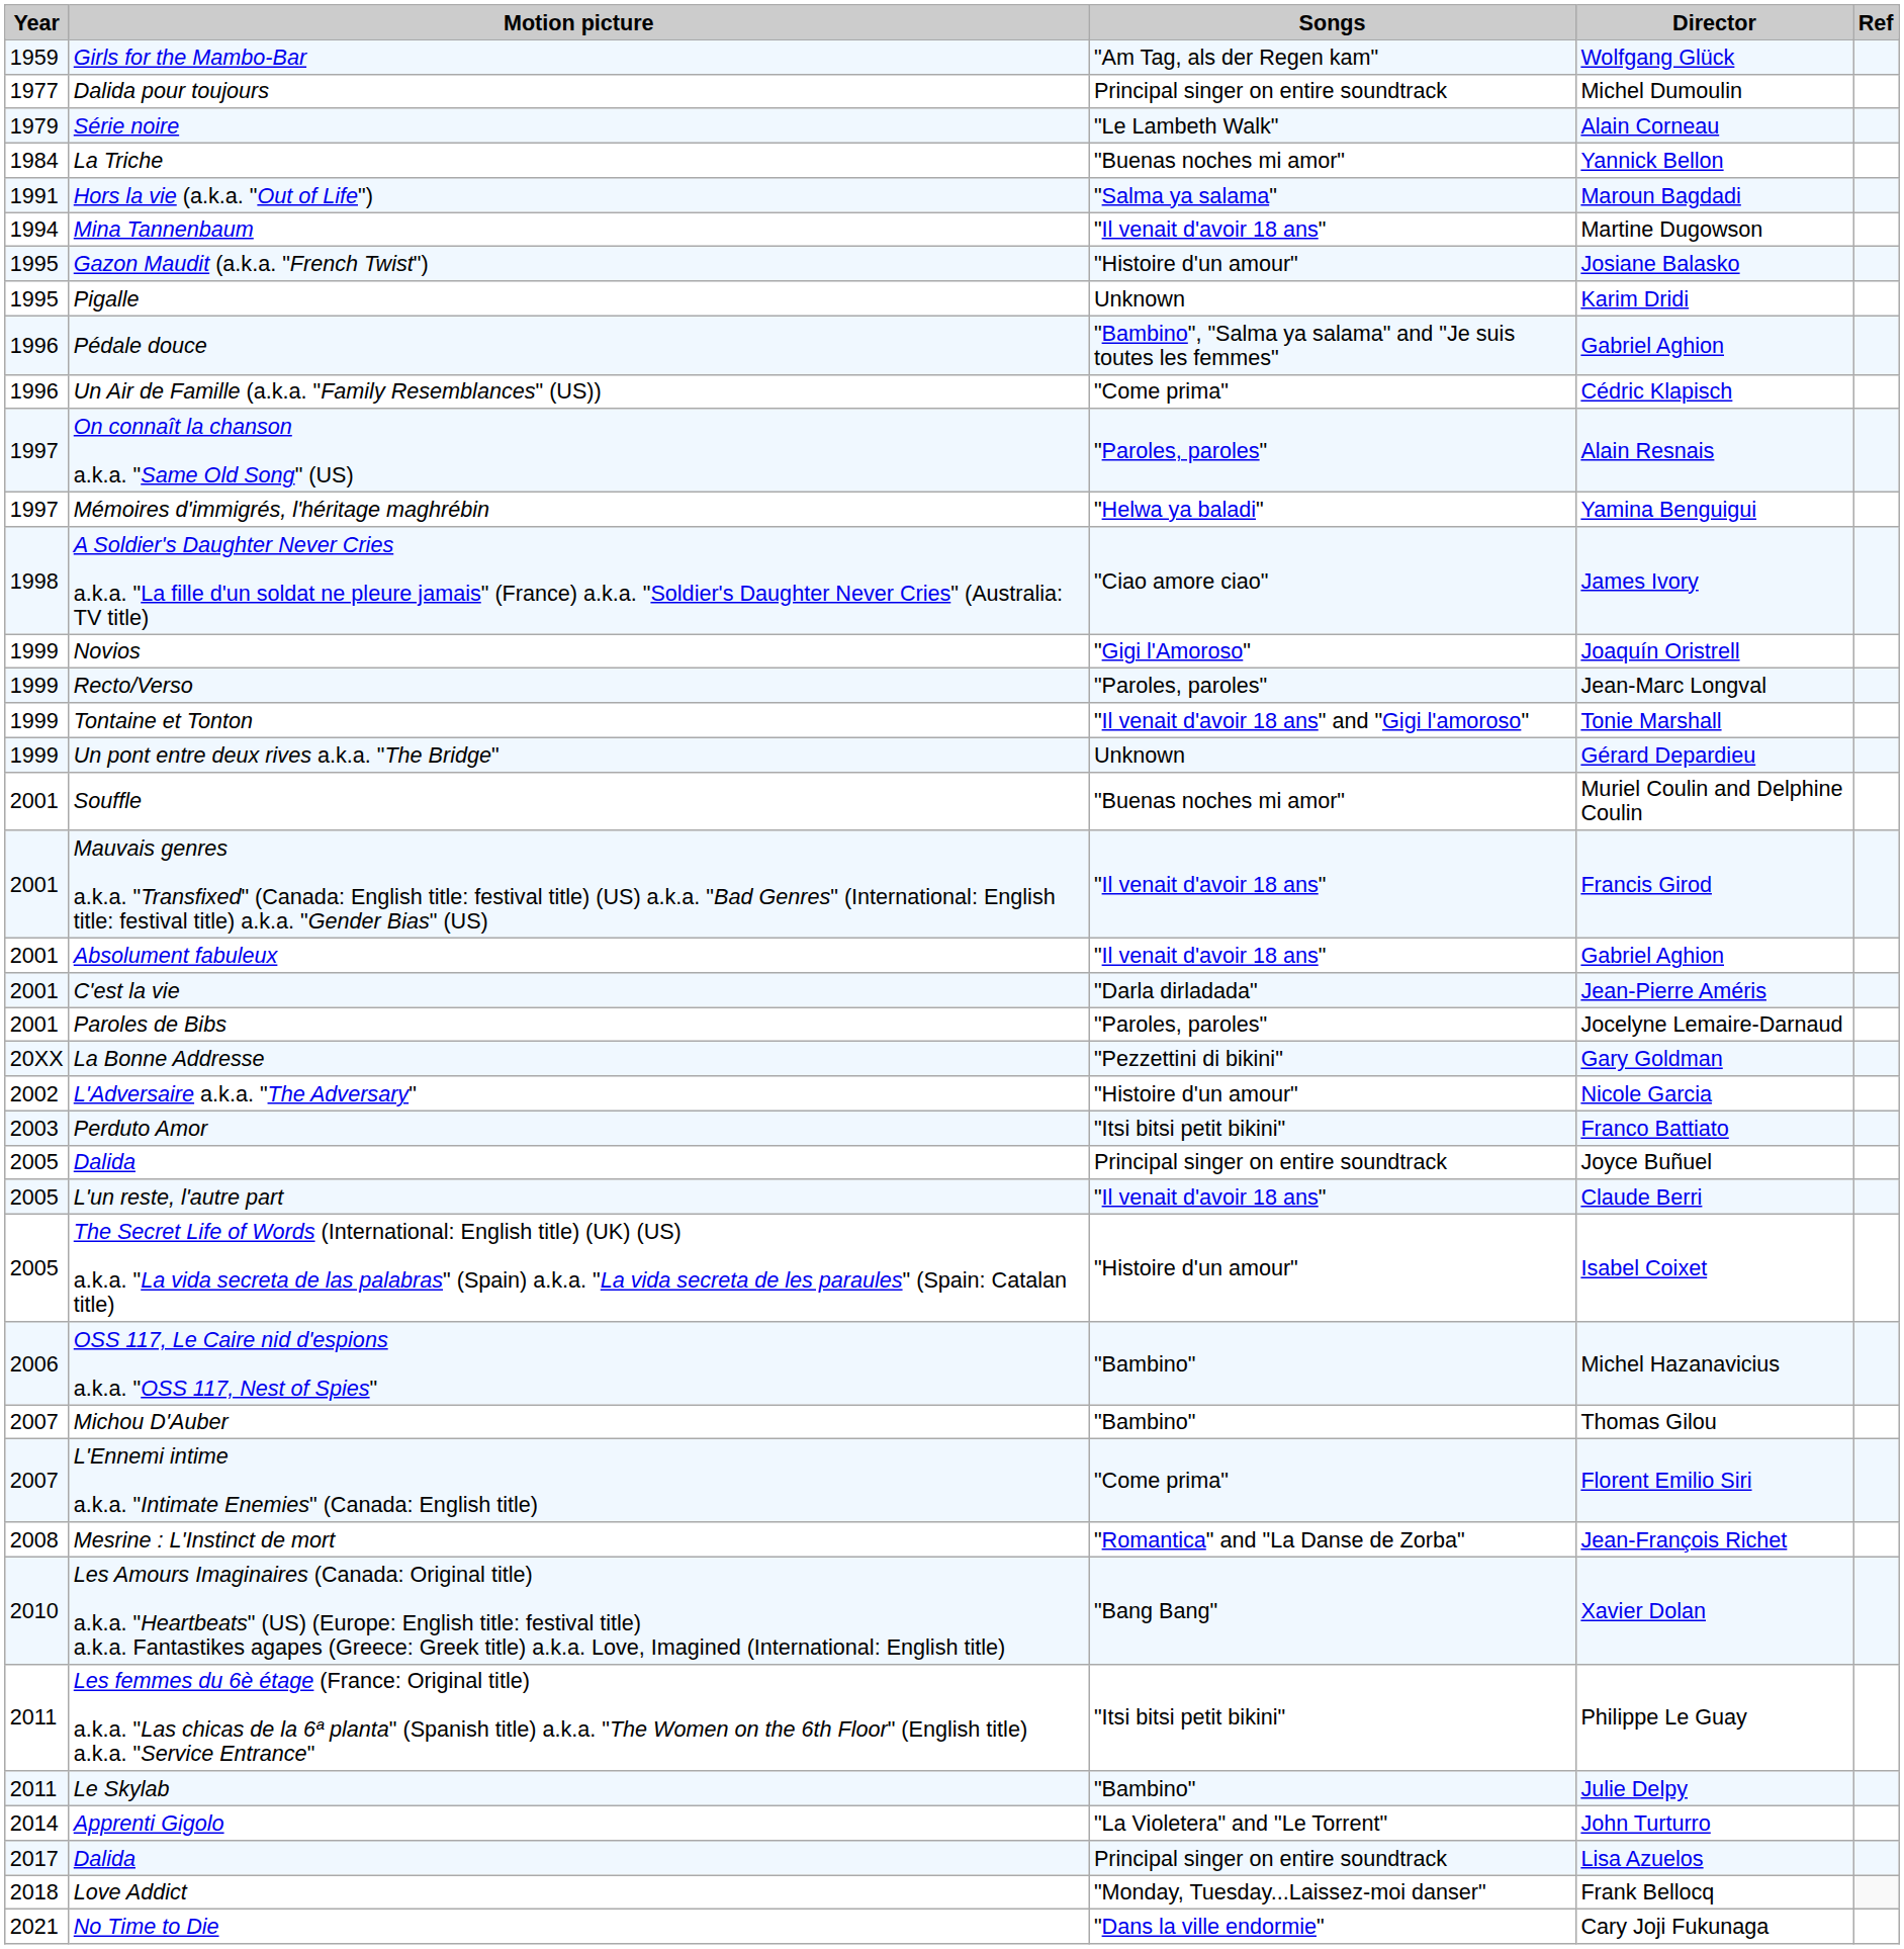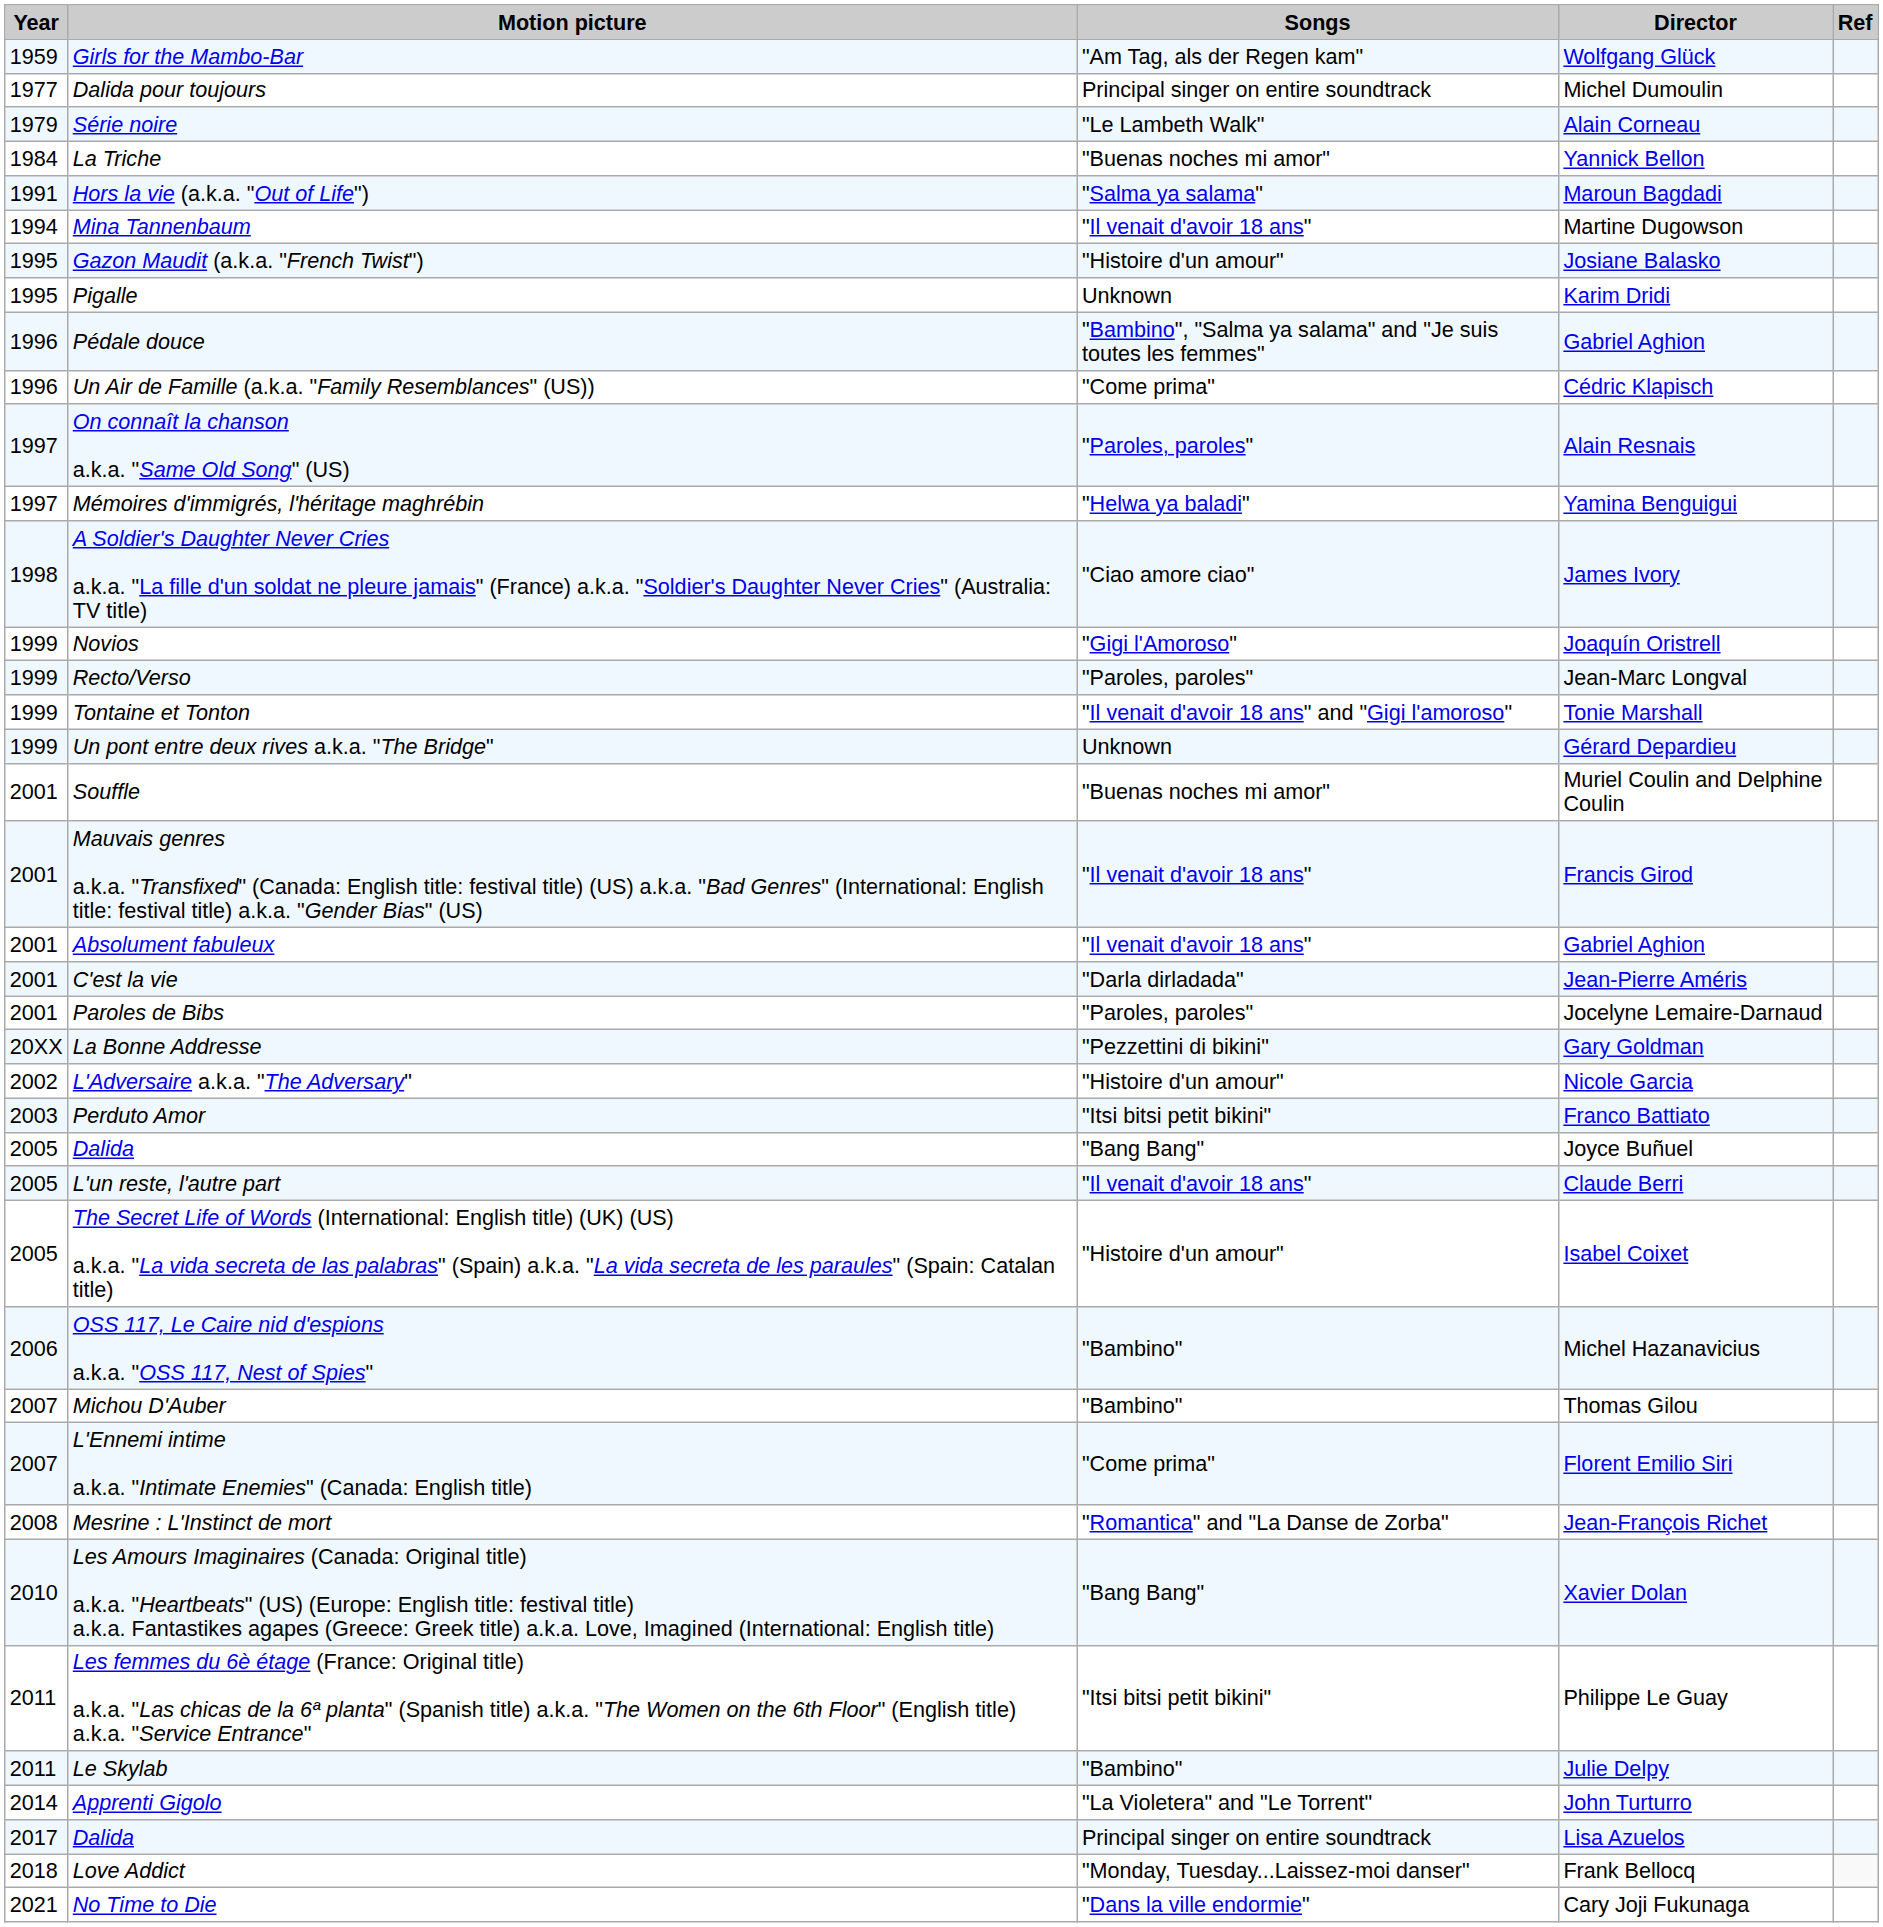 <table class="wikitable" style="font-size:90%;">
 <tr>
 <th style="background:#ccc;">Year</th>
 <th style="background:#ccc;">Motion picture</th>
 <th style="background:#ccc;">Songs</th>
 <th style="background:#ccc;">Director</th>
 <th style="background:#ccc;">Ref</th>
 </tr>
 <tr style="background:#f0f8ff;">
 <td>1959</td>
 <td><em><a href='#'>Girls for the Mambo-Bar</a></em></td>
 <td>"Am Tag, als der Regen kam"</td>
 <td><a href='#'>Wolfgang Glück</a></td>
 <td></td>
 </tr>
 <tr style="background:#fff;">
 <td>1977</td>
 <td><em>Dalida pour toujours</em></td>
 <td>Principal singer on entire soundtrack</td>
 <td>Michel Dumoulin</td>
 <td></td>
 </tr>
 <tr style="background:#f0f8ff;">
 <td>1979</td>
 <td><em><a href='#'>Série noire</a></em></td>
 <td>"Le Lambeth Walk"</td>
 <td><a href='#'>Alain Corneau</a></td>
 <td></td>
 </tr>
 <tr style="background:#fff;">
 <td>1984</td>
 <td><em>La Triche</em></td>
 <td>"Buenas noches mi amor"</td>
 <td><a href='#'>Yannick Bellon</a></td>
 <td></td>
 </tr>
 <tr style="background:#f0f8ff;">
 <td>1991</td>
 <td><em><a href='#'>Hors la vie</a></em> (a.k.a. "<em><a href='#'>Out of Life</a></em>")</td>
 <td>"<a href='#'>Salma ya salama</a>"</td>
 <td><a href='#'>Maroun Bagdadi</a></td>
 <td></td>
 </tr>
 <tr style="background:#fff;">
 <td>1994</td>
 <td><em><a href='#'>Mina Tannenbaum</a></em></td>
 <td>"<a href='#'>Il venait d'avoir 18 ans</a>"</td>
 <td>Martine Dugowson</td>
 <td></td>
 </tr>
 <tr style="background:#f0f8ff;">
 <td>1995</td>
 <td><em><a href='#'>Gazon Maudit</a></em> (a.k.a. "<em>French Twist</em>")</td>
 <td>"Histoire d'un amour"</td>
 <td><a href='#'>Josiane Balasko</a></td>
 <td></td>
 </tr>
 <tr style="background:#fff;">
 <td>1995</td>
 <td><em>Pigalle</em></td>
 <td>Unknown</td>
 <td><a href='#'>Karim Dridi</a></td>
 <td></td>
 </tr>
 <tr style="background:#f0f8ff;">
 <td>1996</td>
 <td><em>Pédale douce</em></td>
 <td>"<a href='#'>Bambino</a>", "Salma ya salama" and "Je suis toutes les femmes"</td>
 <td><a href='#'>Gabriel Aghion</a></td>
 <td></td>
 </tr>
 <tr style="background:#fff;">
 <td>1996</td>
 <td><em>Un Air de Famille</em> (a.k.a. "<em>Family Resemblances</em>" (US))</td>
 <td>"Come prima"</td>
 <td><a href='#'>Cédric Klapisch</a></td>
 <td></td>
 </tr>
 <tr style="background:#f0f8ff;">
 <td>1997</td>
 <td><em><a href='#'>On connaît la chanson</a></em> <br><br>a.k.a. "<em><a href='#'>Same Old Song</a></em>" (US)</td>
 <td>"<a href='#'>Paroles, paroles</a>"</td>
 <td><a href='#'>Alain Resnais</a></td>
 <td></td>
 </tr>
 <tr style="background:#fff;">
 <td>1997</td>
 <td><em>Mémoires d'immigrés, l'héritage maghrébin</em></td>
 <td>"<a href='#'>Helwa ya baladi</a>"</td>
 <td><a href='#'>Yamina Benguigui</a></td>
 <td></td>
 </tr>
 <tr style="background:#f0f8ff;">
 <td>1998</td>
 <td><em><a href='#'>A Soldier's Daughter Never Cries</a></em> <br><br>a.k.a. "<a href='#'>La fille d'un soldat ne pleure jamais</a>" (France) a.k.a. "<a href='#'>Soldier's Daughter Never Cries</a>" (Australia: TV title)</td>
 <td>"Ciao amore ciao"</td>
 <td><a href='#'>James Ivory</a></td>
 <td></td>
 </tr>
 <tr style="background:#fff;">
 <td>1999</td>
 <td><em>Novios</em></td>
 <td>"<a href='#'>Gigi l'Amoroso</a>"</td>
 <td><a href='#'>Joaquín Oristrell</a></td>
 <td></td>
 </tr>
 <tr style="background:#f0f8ff;">
 <td>1999</td>
 <td><em>Recto/Verso</em></td>
 <td>"Paroles, paroles"</td>
 <td>Jean-Marc Longval</td>
 <td></td>
 </tr>
 <tr style="background:#fff;">
 <td>1999</td>
 <td><em>Tontaine et Tonton</em></td>
 <td>"<a href='#'>Il venait d'avoir 18 ans</a>" and "<a href='#'>Gigi l'amoroso</a>"</td>
 <td><a href='#'>Tonie Marshall</a></td>
 <td></td>
 </tr>
 <tr style="background:#f0f8ff;">
 <td>1999</td>
 <td><em>Un pont entre deux rives</em> a.k.a. "<em>The Bridge</em>"</td>
 <td>Unknown</td>
 <td><a href='#'>Gérard Depardieu</a></td>
 <td></td>
 </tr>
 <tr style="background:#fff;">
 <td>2001</td>
 <td><em>Souffle</em></td>
 <td>"Buenas noches mi amor"</td>
 <td>Muriel Coulin and Delphine Coulin</td>
 <td></td>
 </tr>
 <tr style="background:#f0f8ff;">
 <td>2001</td>
 <td><em>Mauvais genres</em><br><br>a.k.a. "<em>Transfixed</em>" (Canada: English title: festival title) (US) a.k.a. "<em>Bad Genres</em>" (International: English title: festival title) a.k.a. "<em>Gender Bias</em>" (US)</td>
 <td>"<a href='#'>Il venait d'avoir 18 ans</a>"</td>
 <td><a href='#'>Francis Girod</a></td>
 <td></td>
 </tr>
 <tr style="background:#fff;">
 <td>2001</td>
 <td><em><a href='#'>Absolument fabuleux</a></em></td>
 <td>"<a href='#'>Il venait d'avoir 18 ans</a>"</td>
 <td><a href='#'>Gabriel Aghion</a></td>
 <td></td>
 </tr>
 <tr style="background:#f0f8ff;">
 <td>2001</td>
 <td><em>C'est la vie</em></td>
 <td>"Darla dirladada"</td>
 <td><a href='#'>Jean-Pierre Améris</a></td>
 <td></td>
 </tr>
 <tr style="background:#fff;">
 <td>2001</td>
 <td><em>Paroles de Bibs</em></td>
 <td>"Paroles, paroles"</td>
 <td>Jocelyne Lemaire-Darnaud</td>
 <td></td>
 </tr>
 <tr style="background:#f0f8ff;">
 <td>20XX</td>
 <td><em>La Bonne Addresse</em></td>
 <td>"Pezzettini di bikini"</td>
 <td><a href='#'>Gary Goldman</a></td>
 <td></td>
 </tr>
 <tr style="background:#fff;">
 <td>2002</td>
 <td><em><a href='#'>L'Adversaire</a></em> a.k.a. "<em><a href='#'>The Adversary</a></em>"</td>
 <td>"Histoire d'un amour"</td>
 <td><a href='#'>Nicole Garcia</a></td>
 <td></td>
 </tr>
 <tr style="background:#f0f8ff;">
 <td>2003</td>
 <td><em>Perduto Amor</em></td>
 <td>"Itsi bitsi petit bikini"</td>
 <td><a href='#'>Franco Battiato</a></td>
 <td></td>
 </tr>
 <tr style="background:#fff;">
 <td>2005</td>
 <td><em><a href='#'>Dalida</a></em></td>
-<td>Principal singer on entire soundtrack</td>
+<td>"Bang Bang"</td>
 <td>Joyce Buñuel</td>
 <td></td>
 </tr>
 <tr style="background:#f0f8ff;">
 <td>2005</td>
 <td><em>L'un reste, l'autre part</em></td>
 <td>"<a href='#'>Il venait d'avoir 18 ans</a>"</td>
 <td><a href='#'>Claude Berri</a></td>
 <td></td>
 </tr>
 <tr style="background:#fff;">
 <td>2005</td>
 <td><em><a href='#'>The Secret Life of Words</a></em> (International: English title) (UK) (US)<br><br>a.k.a. "<em><a href='#'>La vida secreta de las palabras</a></em>" (Spain) a.k.a. "<em><a href='#'>La vida secreta de les paraules</a></em>" (Spain: Catalan title)</td>
 <td>"Histoire d'un amour"</td>
 <td><a href='#'>Isabel Coixet</a></td>
 <td></td>
 </tr>
 <tr style="background:#f0f8ff;">
 <td>2006</td>
 <td><em><a href='#'>OSS 117, Le Caire nid d'espions</a></em><br><br>a.k.a. "<em><a href='#'>OSS 117, Nest of Spies</a></em>"</td>
 <td>"Bambino"</td>
 <td>Michel Hazanavicius</td>
 <td></td>
 </tr>
 <tr style="background:#fff;">
 <td>2007</td>
 <td><em>Michou D'Auber</em></td>
 <td>"Bambino"</td>
 <td>Thomas Gilou</td>
 <td></td>
 </tr>
 <tr style="background:#f0f8ff;">
 <td>2007</td>
 <td><em>L'Ennemi intime</em><br><br>a.k.a. "<em>Intimate Enemies</em>" (Canada: English title)</td>
 <td>"Come prima"</td>
 <td><a href='#'>Florent Emilio Siri</a></td>
 <td></td>
 </tr>
 <tr style="background:#fff;">
 <td>2008</td>
 <td><em>Mesrine : L'Instinct de mort</em></td>
 <td>"<a href='#'>Romantica</a>" and "La Danse de Zorba"</td>
 <td><a href='#'>Jean-François Richet</a></td>
 <td></td>
 </tr>
 <tr style="background:#f0f8ff;">
 <td>2010</td>
 <td><em>Les Amours Imaginaires</em> (Canada: Original title)<br><br>a.k.a. "<em>Heartbeats</em>" (US) (Europe: English title: festival title)<br>a.k.a. Fantastikes agapes (Greece: Greek title) a.k.a. Love, Imagined (International: English title)</td>
 <td>"Bang Bang"</td>
 <td><a href='#'>Xavier Dolan</a></td>
 <td></td>
 </tr>
 <tr style="background:#fff;">
 <td>2011</td>
 <td><em><a href='#'>Les femmes du 6è étage</a></em> (France: Original title)<br><br>a.k.a. "<em>Las chicas de la 6ª planta</em>" (Spanish title) a.k.a. "<em>The Women on the 6th Floor</em>" (English title) a.k.a. "<em>Service Entrance</em>"</td>
 <td>"Itsi bitsi petit bikini"</td>
 <td>Philippe Le Guay</td>
 <td></td>
 </tr>
 <tr style="background:#f0f8ff;">
 <td>2011</td>
 <td><em>Le Skylab</em></td>
 <td>"Bambino"</td>
 <td><a href='#'>Julie Delpy</a></td>
 <td></td>
 </tr>
 <tr style="background:#fff;">
 <td>2014</td>
 <td><em><a href='#'>Apprenti Gigolo</a></em></td>
 <td>"La Violetera" and "Le Torrent"</td>
 <td><a href='#'>John Turturro</a></td>
 <td></td>
 </tr>
 <tr style="background:#f0f8ff;">
 <td>2017</td>
 <td><em><a href='#'>Dalida</a></em></td>
 <td>Principal singer on entire soundtrack</td>
 <td><a href='#'>Lisa Azuelos</a></td>
 <td></td>
 </tr>
 <tr style="background:#fff;">
 <td>2018</td>
 <td><em>Love Addict</em></td>
 <td>"Monday, Tuesday...Laissez-moi danser"</td>
 <td>Frank Bellocq</td>
 </tr>
 <tr style="background:#fff;">
 <td>2021</td>
 <td><em><a href='#'>No Time to Die</a></em></td>
 <td>"<a href='#'>Dans la ville endormie</a>"</td>
 <td>Cary Joji Fukunaga</td>
 <td></td>
 </tr>
 </table>
